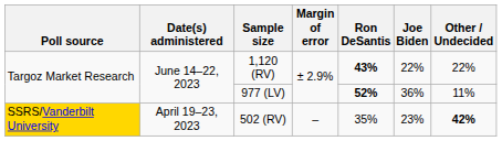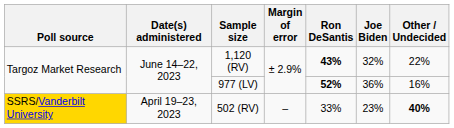 <table class="wikitable sortable mw-datatable" style="font-size:90%;text-align:center;line-height:17px">
 <tr valign=bottom>
 <th>Poll source</th>
 <th>Date(s)<br>administered</th>
 <th>Sample<br>size</th>
 <th>Margin<br>of error</th>
 <th class="unsortable">Ron<br>DeSantis<br></th>
 <th class="unsortable">Joe<br>Biden<br></th>
 <th class="unsortable">Other /<br>Undecided</th>
 </tr>
 <tr>
 <td style="text-align:left;" rowspan="2">Targoz Market Research</td>
 <td rowspan="2">June 14–22, 2023</td>
 <td>1,120 (RV)</td>
 <td rowspan="2">± 2.9%</td>
 <td style="background-color:"><strong>43%</strong></td>
-<td>22%</td>
+<td>32%</td>
 <td>22%</td>
 </tr>
 <tr>
 <td>977 (LV)</td>
 <td style="background-color:"><strong>52%</strong></td>
 <td>36%</td>
-<td>11%</td>
+<td>16%</td>
 </tr>
 <tr>
 <td style="background: gold; text-align:left;">SSRS/<a href='#'>Vanderbilt University</a></td>
 <td>April 19–23, 2023</td>
 <td>502 (RV)</td>
 <td>–</td>
-<td>35%</td>
+<td>33%</td>
 <td>23%</td>
-<td><strong>42%</strong></td>
+<td><strong>40%</strong></td>
 </tr>
 </table>
